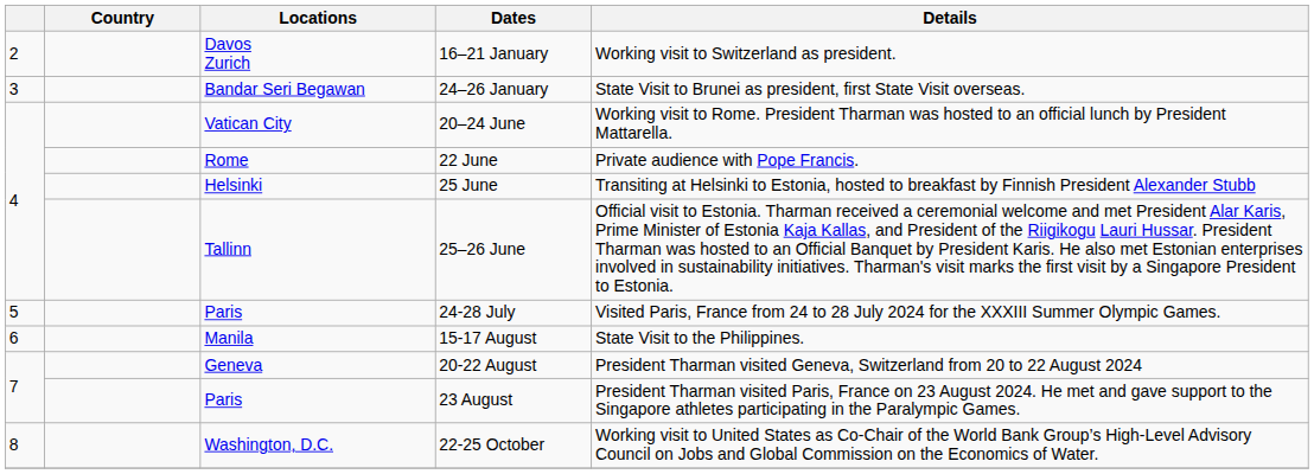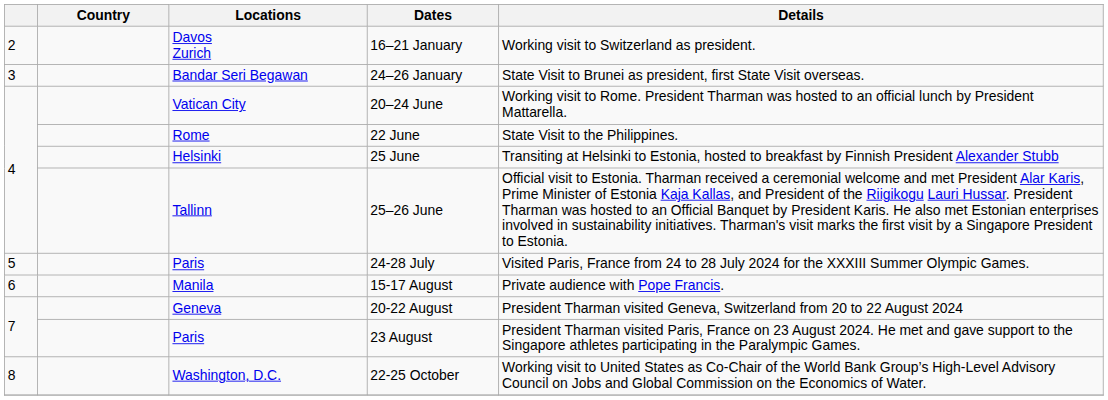 <table class="wikitable sortable" border="1" style="margin: 1em auto 1em auto">
 <tr>
 <th scope="col" style="width: 3%;"></th>
 <th scope="col" style="width: 12%;">Country</th>
 <th scope="col" style="width: 18%;">Locations</th>
 <th scope="col" style="width: 12%;">Dates</th>
 <th scope="col" style="width: 58%;" class="unsortable">Details</th>
 </tr>
 <tr>
 <td rowspan="1">2</td>
 <td></td>
 <td><a href='#'>Davos</a> <br> <a href='#'>Zurich</a></td>
 <td>16–21 January</td>
 <td>Working visit to Switzerland as president.</td>
 </tr>
 <tr>
 <td rowspan="1">3</td>
 <td></td>
 <td><a href='#'>Bandar Seri Begawan</a></td>
 <td>24–26 January</td>
 <td>State Visit to Brunei as president, first State Visit overseas.</td>
 </tr>
 <tr>
 <td rowspan="4">4</td>
 <td></td>
 <td><a href='#'>Vatican City</a></td>
 <td>20–24 June</td>
 <td>Working visit to Rome. President Tharman was hosted to an official lunch by President Mattarella.</td>
 </tr>
 <tr>
 <td></td>
 <td><a href='#'>Rome</a></td>
 <td>22 June</td>
-<td>Private audience with <a href='#'>Pope Francis</a>.</td>
+<td>State Visit to the Philippines.</td>
 </tr>
 <tr>
 <td></td>
 <td><a href='#'>Helsinki</a></td>
 <td>25 June</td>
 <td>Transiting at Helsinki to Estonia, hosted to breakfast by Finnish President <a href='#'>Alexander Stubb</a></td>
 </tr>
 <tr>
 <td></td>
 <td><a href='#'>Tallinn</a></td>
 <td>25–26 June</td>
 <td>Official visit to Estonia. Tharman received a ceremonial welcome and met President <a href='#'>Alar Karis</a>, Prime Minister of Estonia <a href='#'>Kaja Kallas</a>, and President of the <a href='#'>Riigikogu</a> <a href='#'>Lauri Hussar</a>. President Tharman was hosted to an Official Banquet by President Karis. He also met Estonian enterprises involved in sustainability initiatives. Tharman's visit marks the first visit by a Singapore President to Estonia.</td>
 </tr>
 <tr>
 <td rowspan="1”">5</td>
 <td></td>
 <td><a href='#'>Paris</a></td>
 <td>24-28 July</td>
 <td>Visited Paris, France from 24 to 28 July 2024 for the XXXIII Summer Olympic Games.</td>
 </tr>
 <tr>
 <td rowspan="1”">6</td>
 <td></td>
 <td><a href='#'>Manila</a></td>
 <td>15-17 August</td>
-<td>State Visit to the Philippines.</td>
+<td>Private audience with <a href='#'>Pope Francis</a>.</td>
 </tr>
 <tr>
 <td rowspan="2”">7</td>
 <td></td>
 <td><a href='#'>Geneva</a></td>
 <td>20-22 August</td>
 <td>President Tharman visited Geneva, Switzerland from 20 to 22 August 2024</td>
 </tr>
 <tr>
 <td></td>
 <td><a href='#'>Paris</a></td>
 <td>23 August</td>
 <td>President Tharman visited Paris, France on 23 August 2024. He met and gave support to the Singapore athletes participating in the Paralympic Games.</td>
 </tr>
 <tr>
 <td rowspan="1”">8</td>
 <td></td>
 <td><a href='#'>Washington, D.C.</a></td>
 <td>22-25 October</td>
 <td>Working visit to United States as Co-Chair of the World Bank Group’s High-Level Advisory Council on Jobs and Global Commission on the Economics of Water.</td>
 </tr>
 <tr>
 </tr>
 </table>
